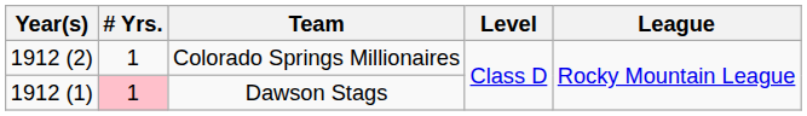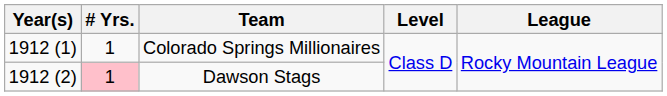 <table class="wikitable" style="text-align:center; font-size: 95%;">
 <tr>
 <th>Year(s)</th>
 <th># Yrs.</th>
 <th>Team</th>
 <th>Level</th>
 <th>League</th>
 </tr>
 <tr>
-<td>1912 (2)</td>
+<td>1912 (1)</td>
 <td>1</td>
 <td>Colorado Springs Millionaires</td>
 <td rowspan=2><a href='#'>Class D</a></td>
 <td rowspan=2><a href='#'>Rocky Mountain League</a></td>
 </tr>
 <tr>
-<td>1912 (1)</td>
+<td>1912 (2)</td>
 <td style="background: pink;">1</td>
 <td>Dawson Stags</td>
 </tr>
 </table>
